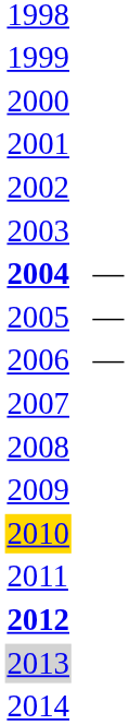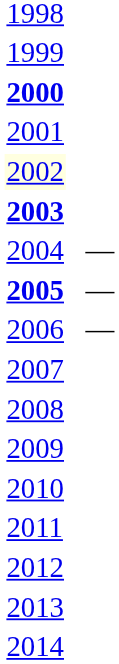 <table>
 <tr>
 <td><a href='#'>1998</a></td>
 <td></td>
 <td></td>
 <td></td>
 </tr>
 <tr>
 <td><a href='#'>1999</a></td>
 <td></td>
 <td></td>
 <td></td>
 </tr>
 <tr>
-<td><a href='#'>2000</a></td>
+<td><strong><a href='#'>2000</a></strong></td>
 <td></td>
 <td></td>
 <td></td>
 </tr>
 <tr>
 <td><a href='#'>2001</a></td>
 <td></td>
 <td></td>
 <td></td>
 </tr>
 <tr>
-<td><a href='#'>2002</a></td>
+<td style="background: lightyellow;"><a href='#'>2002</a></td>
 <td></td>
 <td></td>
 <td></td>
 </tr>
 <tr>
-<td><a href='#'>2003</a></td>
+<td><strong><a href='#'>2003</a></strong></td>
 <td></td>
 <td></td>
 <td></td>
 </tr>
 <tr>
-<td><strong><a href='#'>2004</a></strong></td>
+<td><a href='#'>2004</a></td>
 <td></td>
 <td></td>
 <td align=center>—</td>
 </tr>
 <tr>
-<td><a href='#'>2005</a></td>
+<td><strong><a href='#'>2005</a></strong></td>
 <td></td>
 <td></td>
 <td align=center>—</td>
 </tr>
 <tr>
 <td><a href='#'>2006</a></td>
 <td></td>
 <td></td>
 <td align=center>—</td>
 </tr>
 <tr>
 <td><a href='#'>2007</a></td>
 <td></td>
 <td></td>
 <td></td>
 </tr>
 <tr>
 <td><a href='#'>2008</a></td>
 <td></td>
 <td></td>
 <td></td>
 </tr>
 <tr>
 <td><a href='#'>2009</a></td>
 <td></td>
 <td></td>
 <td></td>
 </tr>
 <tr>
-<td style="background: gold;"><a href='#'>2010</a></td>
+<td><a href='#'>2010</a></td>
 <td></td>
 <td></td>
 <td></td>
 </tr>
 <tr>
 <td><a href='#'>2011</a></td>
 <td></td>
 <td></td>
 <td></td>
 </tr>
 <tr>
-<td><strong><a href='#'>2012</a></strong></td>
+<td><a href='#'>2012</a></td>
 <td></td>
 <td></td>
 <td></td>
 </tr>
 <tr>
-<td style="background: lightgrey;"><a href='#'>2013</a></td>
+<td><a href='#'>2013</a></td>
 <td></td>
 <td></td>
 <td></td>
 </tr>
 <tr>
 <td><a href='#'>2014</a></td>
 <td></td>
 <td></td>
 <td></td>
 </tr>
 </table>
